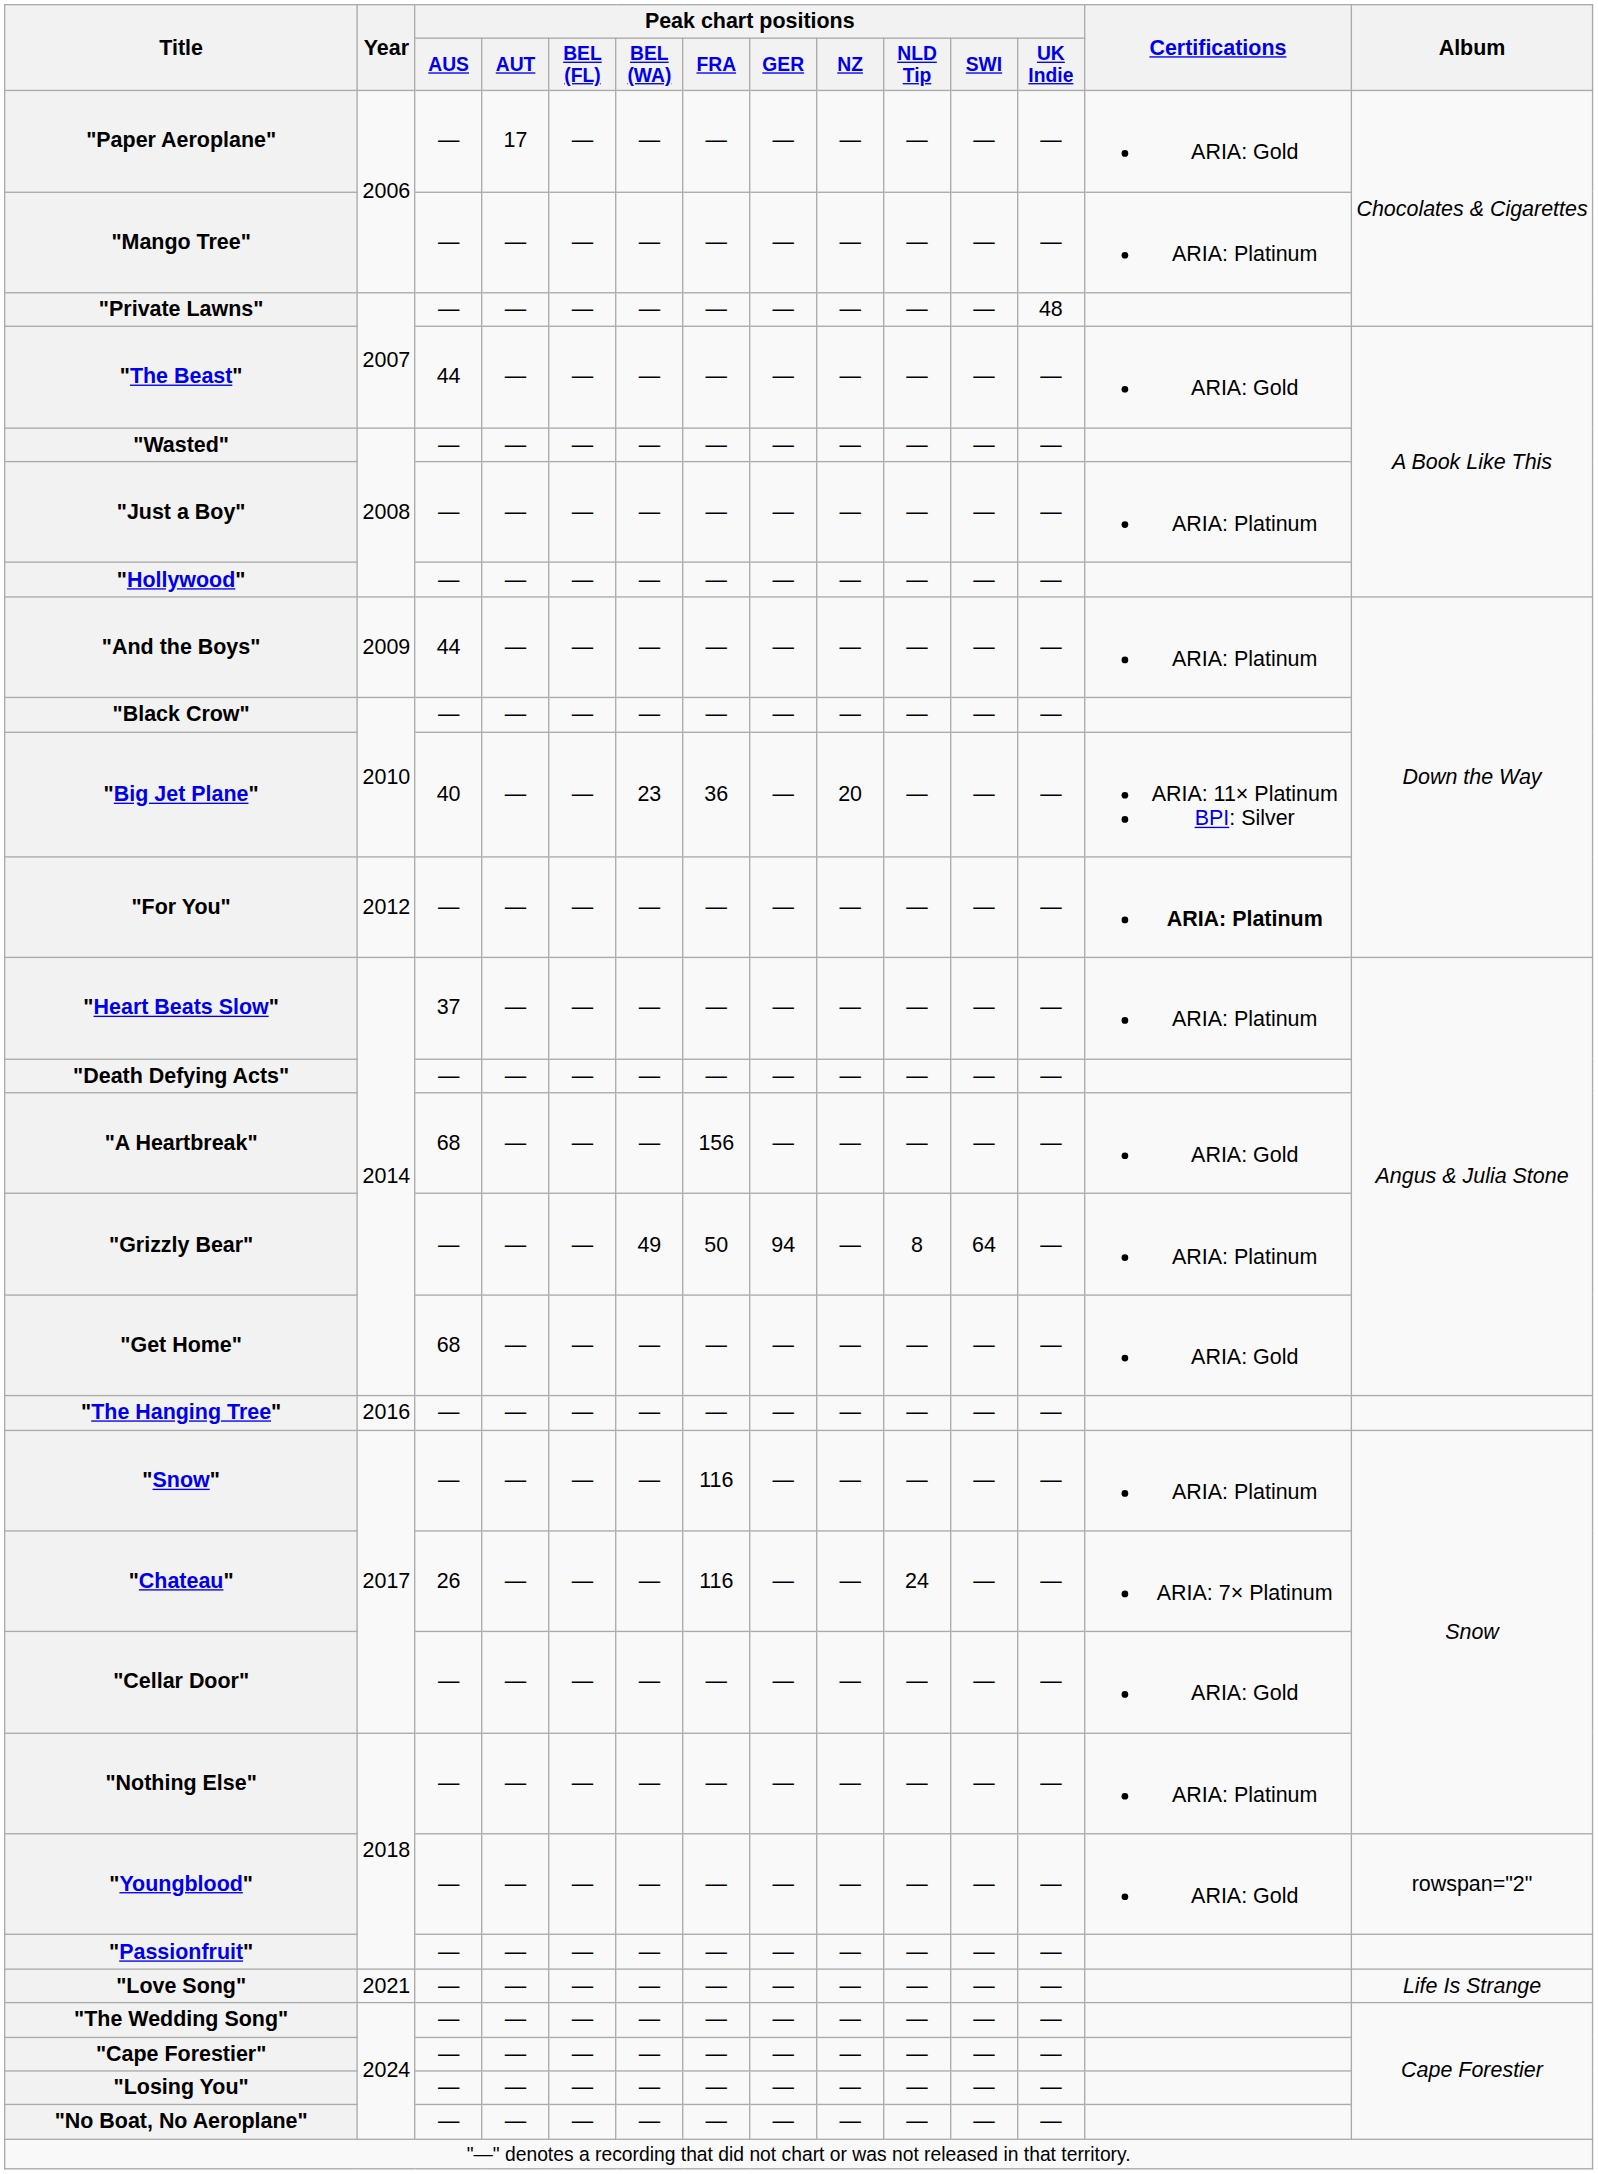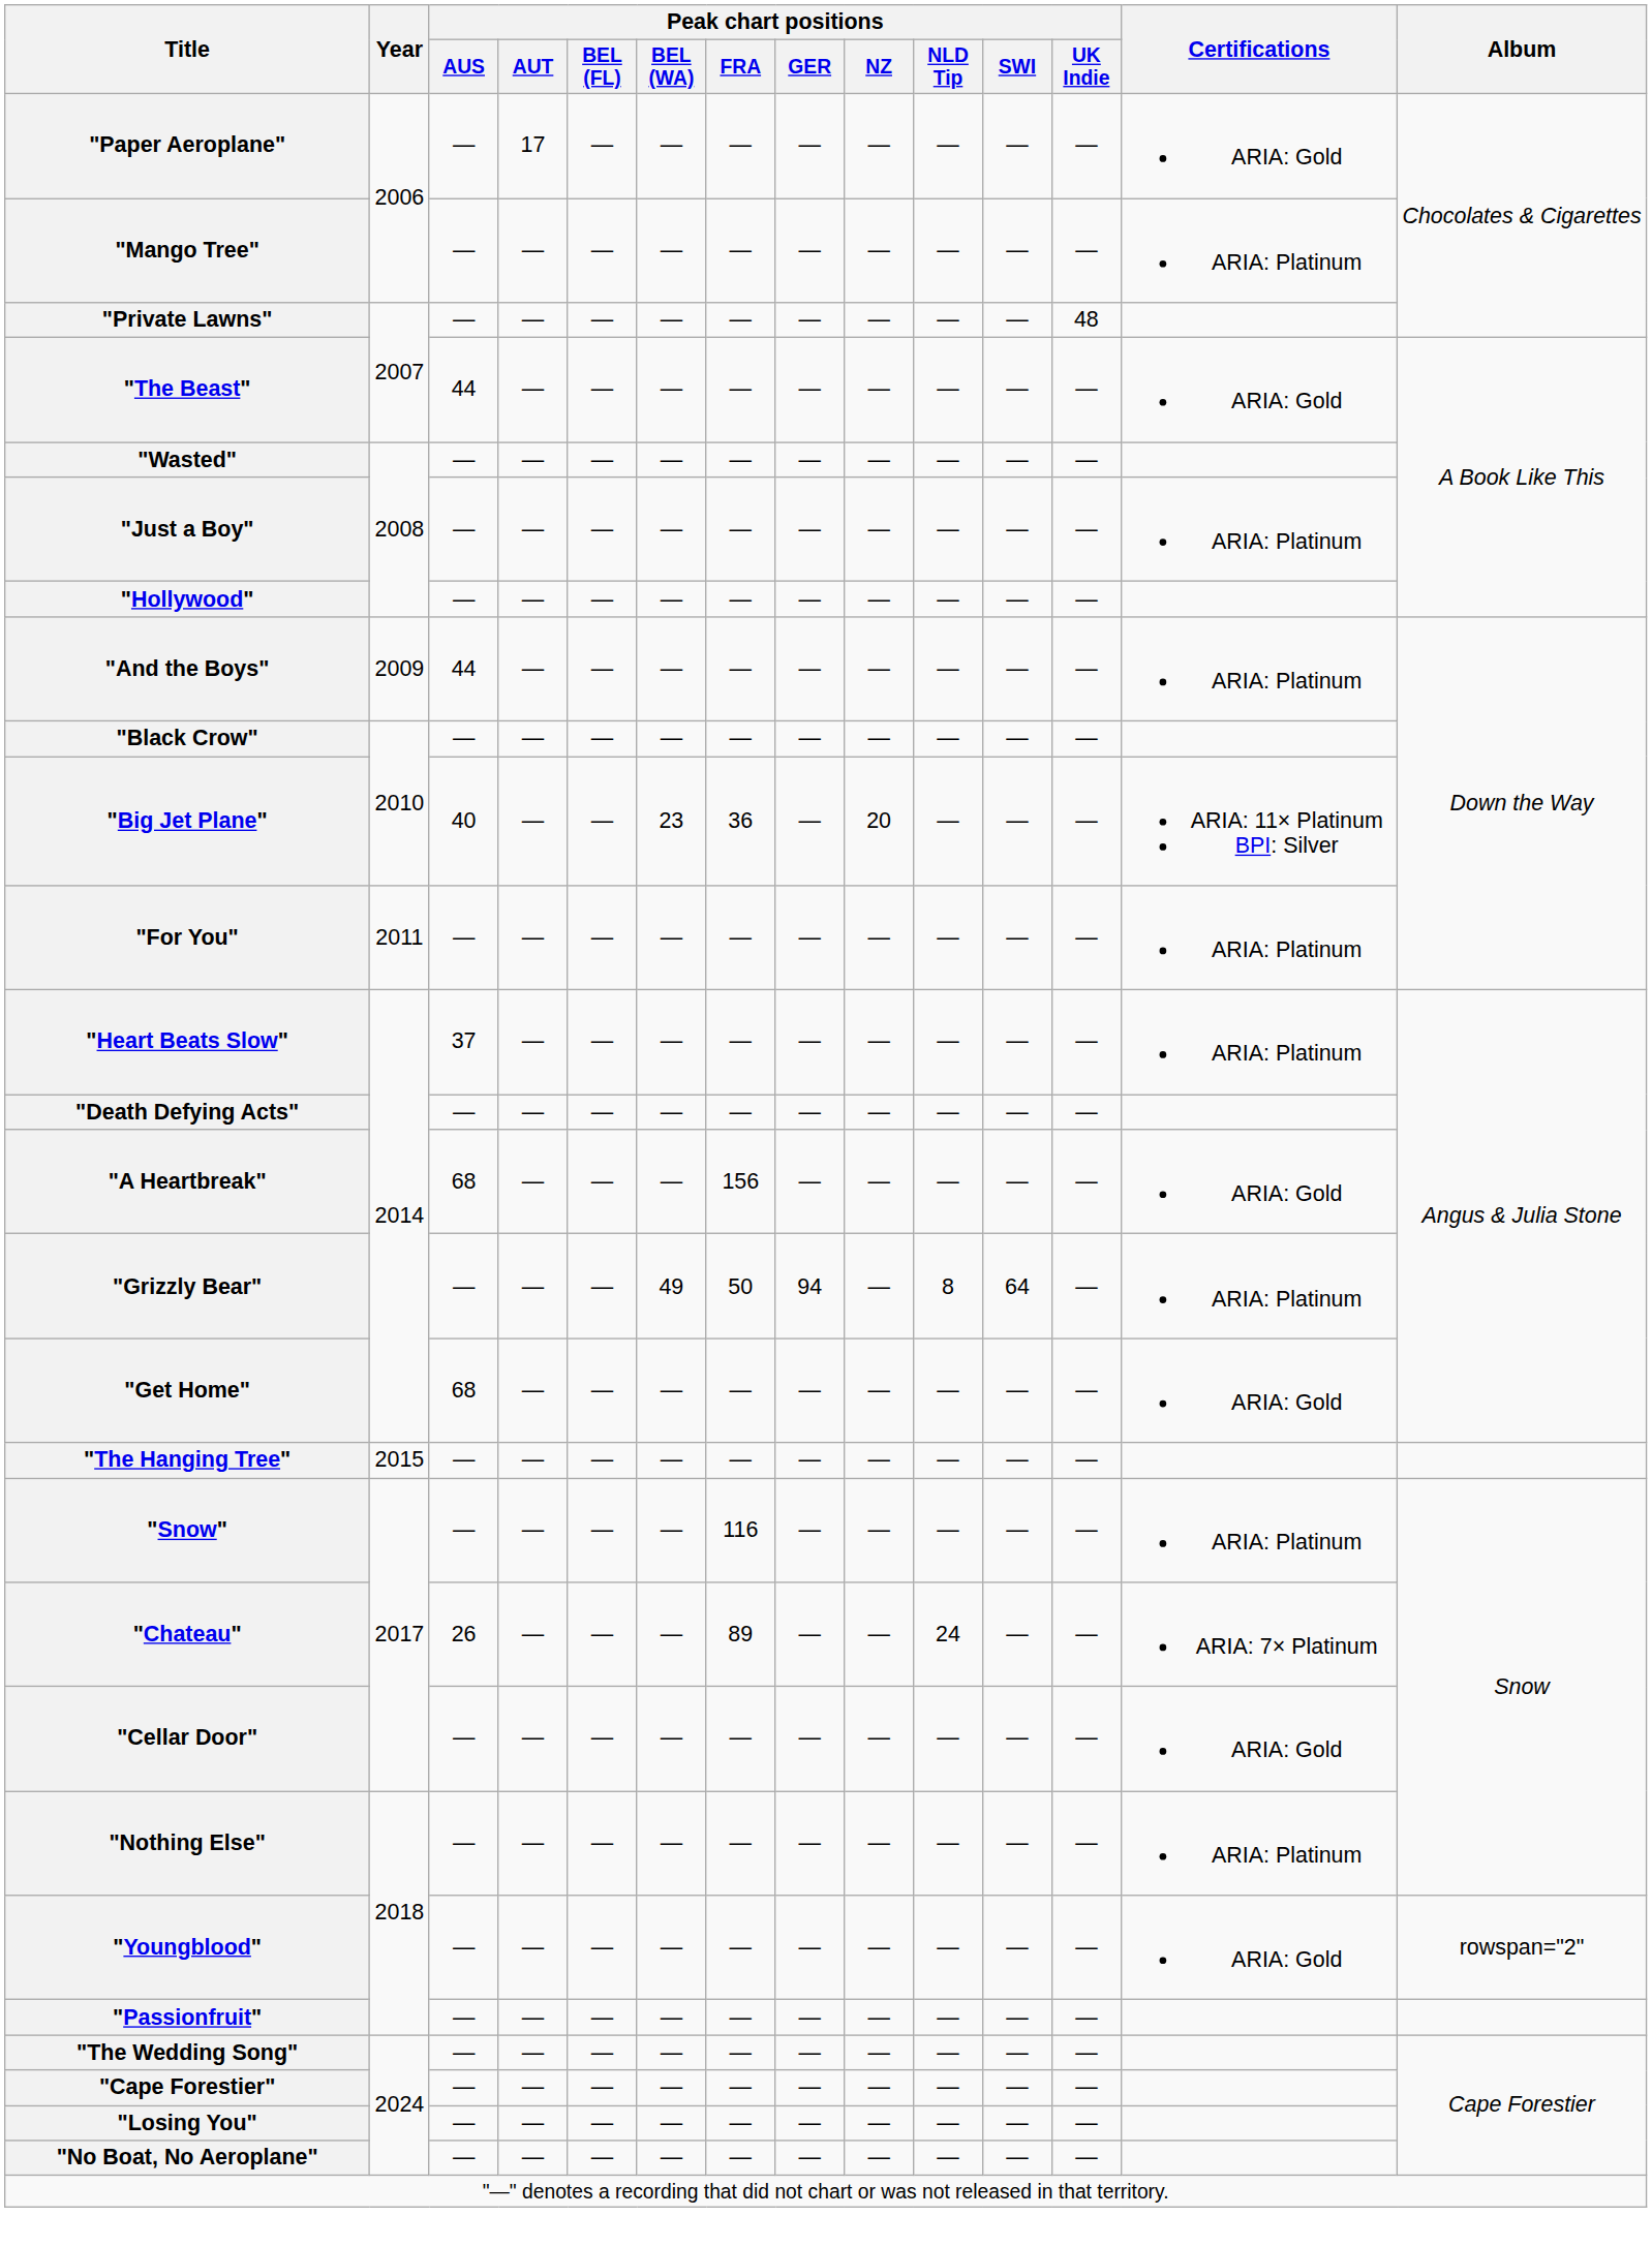 <table class="wikitable plainrowheaders" style="text-align:center;" border="1">
 <tr>
 <th scope="col" rowspan="2" style="width:16em;">Title</th>
 <th scope="col" rowspan="2">Year</th>
 <th scope="col" colspan="10">Peak chart positions</th>
 <th scope="col" rowspan="2" style="width:12em;"><a href='#'>Certifications</a></th>
 <th scope="col" rowspan="2">Album</th>
 </tr>
 <tr>
 <th scope="col" style="width:3em;font-size:90%;"><a href='#'>AUS</a><br></th>
 <th scope="col" style="width:3em;font-size:90%;"><a href='#'>AUT</a><br></th>
 <th scope="col" style="width:3em;font-size:90%;"><a href='#'>BEL<br>(FL)</a><br></th>
 <th scope="col" style="width:3em;font-size:90%;"><a href='#'>BEL<br>(WA)</a><br></th>
 <th scope="col" style="width:3em;font-size:90%;"><a href='#'>FRA</a><br></th>
 <th scope="col" style="width:3em;font-size:90%;"><a href='#'>GER</a><br></th>
 <th scope="col" style="width:3em;font-size:90%;"><a href='#'>NZ</a><br></th>
 <th scope="col" style="width:3em;font-size:90%;"><a href='#'>NLD<br>Tip</a><br></th>
 <th scope="col" style="width:3em;font-size:90%;"><a href='#'>SWI</a><br></th>
 <th scope="col" style="width:3em;font-size:90%;"><a href='#'>UK<br>Indie</a><br></th>
 </tr>
 <tr>
 <th scope="row">"Paper Aeroplane"</th>
 <td rowspan="2">2006</td>
 <td>—</td>
 <td>17</td>
 <td>—</td>
 <td>—</td>
 <td>—</td>
 <td>—</td>
 <td>—</td>
 <td>—</td>
 <td>—</td>
 <td>—</td>
 <td><br><ul><li>ARIA: Gold</li></ul></td>
 <td rowspan="3"><em>Chocolates & Cigarettes</em></td>
 </tr>
 <tr>
 <th scope="row">"Mango Tree"</th>
 <td>—</td>
 <td>—</td>
 <td>—</td>
 <td>—</td>
 <td>—</td>
 <td>—</td>
 <td>—</td>
 <td>—</td>
 <td>—</td>
 <td>—</td>
 <td><br><ul><li>ARIA: Platinum</li></ul></td>
 </tr>
 <tr>
 <th scope="row">"Private Lawns"</th>
 <td rowspan="2">2007</td>
 <td>—</td>
 <td>—</td>
 <td>—</td>
 <td>—</td>
 <td>—</td>
 <td>—</td>
 <td>—</td>
 <td>—</td>
 <td>—</td>
 <td>48</td>
 <td></td>
 </tr>
 <tr>
 <th scope="row">"<a href='#'>The Beast</a>"</th>
 <td>44</td>
 <td>—</td>
 <td>—</td>
 <td>—</td>
 <td>—</td>
 <td>—</td>
 <td>—</td>
 <td>—</td>
 <td>—</td>
 <td>—</td>
 <td><br><ul><li>ARIA: Gold</li></ul></td>
 <td rowspan="4"><em>A Book Like This</em></td>
 </tr>
 <tr>
 <th scope="row">"Wasted"</th>
 <td rowspan="3">2008</td>
 <td>—</td>
 <td>—</td>
 <td>—</td>
 <td>—</td>
 <td>—</td>
 <td>—</td>
 <td>—</td>
 <td>—</td>
 <td>—</td>
 <td>—</td>
 <td></td>
 </tr>
 <tr>
 <th scope="row">"Just a Boy"</th>
 <td>—</td>
 <td>—</td>
 <td>—</td>
 <td>—</td>
 <td>—</td>
 <td>—</td>
 <td>—</td>
 <td>—</td>
 <td>—</td>
 <td>—</td>
 <td><br><ul><li>ARIA: Platinum</li></ul></td>
 </tr>
 <tr>
 <th scope="row">"<a href='#'>Hollywood</a>"</th>
 <td>—</td>
 <td>—</td>
 <td>—</td>
 <td>—</td>
 <td>—</td>
 <td>—</td>
 <td>—</td>
 <td>—</td>
 <td>—</td>
 <td>—</td>
 <td></td>
 </tr>
 <tr>
 <th scope="row">"And the Boys"</th>
 <td rowspan="1">2009</td>
 <td>44</td>
 <td>—</td>
 <td>—</td>
 <td>—</td>
 <td>—</td>
 <td>—</td>
 <td>—</td>
 <td>—</td>
 <td>—</td>
 <td>—</td>
 <td><br><ul><li>ARIA: Platinum</li></ul></td>
 <td rowspan="4"><em>Down the Way</em></td>
 </tr>
 <tr>
 <th scope="row">"Black Crow"</th>
 <td rowspan="2">2010</td>
 <td>—</td>
 <td>—</td>
 <td>—</td>
 <td>—</td>
 <td>—</td>
 <td>—</td>
 <td>—</td>
 <td>—</td>
 <td>—</td>
 <td>—</td>
 <td></td>
 </tr>
 <tr>
 <th scope="row">"<a href='#'>Big Jet Plane</a>"</th>
 <td>40</td>
 <td>—</td>
 <td>—</td>
 <td>23</td>
 <td>36</td>
 <td>—</td>
 <td>20</td>
 <td>—</td>
 <td>—</td>
 <td>—</td>
 <td><br><ul><li>ARIA: 11× Platinum</li><li><a href='#'>BPI</a>: Silver</li></ul></td>
 </tr>
 <tr>
 <th scope="row">"For You"</th>
-<td>2012</td>
+<td>2011</td>
 <td>—</td>
 <td>—</td>
 <td>—</td>
 <td>—</td>
 <td>—</td>
 <td>—</td>
 <td>—</td>
 <td>—</td>
 <td>—</td>
 <td>—</td>
-<td><strong><br><ul><li>ARIA: Platinum</li></ul></strong></td>
+<td><br><ul><li>ARIA: Platinum</li></ul></td>
 </tr>
 <tr>
 <th scope="row">"<a href='#'>Heart Beats Slow</a>"</th>
 <td rowspan="5">2014</td>
 <td>37</td>
 <td>—</td>
 <td>—</td>
 <td>—</td>
 <td>—</td>
 <td>—</td>
 <td>—</td>
 <td>—</td>
 <td>—</td>
 <td>—</td>
 <td><br><ul><li>ARIA: Platinum</li></ul></td>
 <td rowspan="5"><em>Angus & Julia Stone</em></td>
 </tr>
 <tr>
 <th scope="row">"Death Defying Acts"</th>
 <td>—</td>
 <td>—</td>
 <td>—</td>
 <td>—</td>
 <td>—</td>
 <td>—</td>
 <td>—</td>
 <td>—</td>
 <td>—</td>
 <td>—</td>
 <td></td>
 </tr>
 <tr>
 <th scope="row">"A Heartbreak"</th>
 <td>68</td>
 <td>—</td>
 <td>—</td>
 <td>—</td>
 <td>156</td>
 <td>—</td>
 <td>—</td>
 <td>—</td>
 <td>—</td>
 <td>—</td>
 <td><br><ul><li>ARIA: Gold</li></ul></td>
 </tr>
 <tr>
 <th scope="row">"Grizzly Bear"</th>
 <td>—</td>
 <td>—</td>
 <td>—</td>
 <td>49</td>
 <td>50</td>
 <td>94</td>
 <td>—</td>
 <td>8</td>
 <td>64</td>
 <td>—</td>
 <td><br><ul><li>ARIA: Platinum</li></ul></td>
 </tr>
 <tr>
 <th scope="row">"Get Home"</th>
 <td>68</td>
 <td>—</td>
 <td>—</td>
 <td>—</td>
 <td>—</td>
 <td>—</td>
 <td>—</td>
 <td>—</td>
 <td>—</td>
 <td>—</td>
 <td><br><ul><li>ARIA: Gold</li></ul></td>
 </tr>
 <tr>
 <th scope="row">"<a href='#'>The Hanging Tree</a>"</th>
-<td>2016</td>
+<td>2015</td>
 <td>—</td>
 <td>—</td>
 <td>—</td>
 <td>—</td>
 <td>—</td>
 <td>—</td>
 <td>—</td>
 <td>—</td>
 <td>—</td>
 <td>—</td>
 <td></td>
 <td></td>
 </tr>
 <tr>
 <th scope="row">"<a href='#'>Snow</a>"</th>
 <td rowspan="3">2017</td>
 <td>—</td>
 <td>—</td>
 <td>—</td>
 <td>—</td>
 <td>116</td>
 <td>—</td>
 <td>—</td>
 <td>—</td>
 <td>—</td>
 <td>—</td>
 <td><br><ul><li>ARIA: Platinum</li></ul></td>
 <td rowspan="4"><em>Snow</em></td>
 </tr>
 <tr>
 <th scope="row">"<a href='#'>Chateau</a>"</th>
 <td>26</td>
 <td>—</td>
 <td>—</td>
 <td>—</td>
-<td>116</td>
+<td>89</td>
 <td>—</td>
 <td>—</td>
 <td>24</td>
 <td>—</td>
 <td>—</td>
 <td><br><ul><li>ARIA: 7× Platinum</li></ul></td>
 </tr>
 <tr>
 <th scope="row">"Cellar Door"</th>
 <td>—</td>
 <td>—</td>
 <td>—</td>
 <td>—</td>
 <td>—</td>
 <td>—</td>
 <td>—</td>
 <td>—</td>
 <td>—</td>
 <td>—</td>
 <td><br><ul><li>ARIA: Gold</li></ul></td>
 </tr>
 <tr>
 <th scope="row">"Nothing Else"</th>
 <td rowspan="3">2018</td>
 <td>—</td>
 <td>—</td>
 <td>—</td>
 <td>—</td>
 <td>—</td>
 <td>—</td>
 <td>—</td>
 <td>—</td>
 <td>—</td>
 <td>—</td>
 <td><br><ul><li>ARIA: Platinum</li></ul></td>
 </tr>
 <tr>
 <th scope="row">"<a href='#'>Youngblood</a>"</th>
 <td>—</td>
 <td>—</td>
 <td>—</td>
 <td>—</td>
 <td>—</td>
 <td>—</td>
 <td>—</td>
 <td>—</td>
 <td>—</td>
 <td>—</td>
 <td><br><ul><li>ARIA: Gold</li></ul></td>
 <td>rowspan="2" </td>
 </tr>
 <tr>
 <th scope="row">"<a href='#'>Passionfruit</a>"</th>
 <td>—</td>
 <td>—</td>
 <td>—</td>
 <td>—</td>
 <td>—</td>
 <td>—</td>
 <td>—</td>
 <td>—</td>
 <td>—</td>
 <td>—</td>
 <td></td>
 </tr>
 <tr>
-<th scope="row">"Love Song"</th>
-<td>2021</td>
-<td>—</td>
-<td>—</td>
-<td>—</td>
-<td>—</td>
-<td>—</td>
-<td>—</td>
-<td>—</td>
-<td>—</td>
-<td>—</td>
-<td>—</td>
-<td></td>
-<td><em>Life Is Strange</em></td>
-</tr>
-<tr>
 <th scope="row">"The Wedding Song"</th>
 <td rowspan="4">2024</td>
 <td>—</td>
 <td>—</td>
 <td>—</td>
 <td>—</td>
 <td>—</td>
 <td>—</td>
 <td>—</td>
 <td>—</td>
 <td>—</td>
 <td>—</td>
 <td></td>
 <td rowspan="4"><em>Cape Forestier</em></td>
 </tr>
 <tr>
 <th scope="row">"Cape Forestier"</th>
 <td>—</td>
 <td>—</td>
 <td>—</td>
 <td>—</td>
 <td>—</td>
 <td>—</td>
 <td>—</td>
 <td>—</td>
 <td>—</td>
 <td>—</td>
 <td></td>
 </tr>
 <tr>
 <th scope="row">"Losing You"</th>
 <td>—</td>
 <td>—</td>
 <td>—</td>
 <td>—</td>
 <td>—</td>
 <td>—</td>
 <td>—</td>
 <td>—</td>
 <td>—</td>
 <td>—</td>
 <td></td>
 </tr>
 <tr>
 <th scope="row">"No Boat, No Aeroplane"</th>
 <td>—</td>
 <td>—</td>
 <td>—</td>
 <td>—</td>
 <td>—</td>
 <td>—</td>
 <td>—</td>
 <td>—</td>
 <td>—</td>
 <td>—</td>
 <td></td>
 </tr>
 <tr>
 <td colspan="14" style="font-size:90%">"—" denotes a recording that did not chart or was not released in that territory.</td>
 </tr>
 </table>
